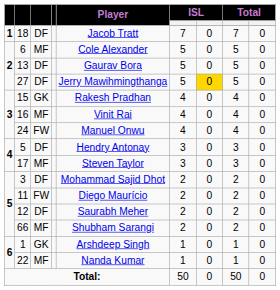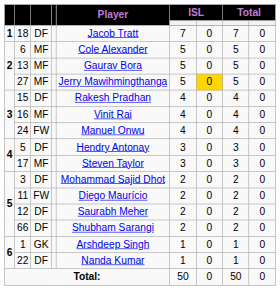 <table class="wikitable" style="text-align:center;">
 <tr>
 <th rowspan="2" style="background:#000000; color:#C47CD2;!width=15"></th>
 <th rowspan="2" style="background:#000000; color:#C47CD2;!width=15"></th>
 <th rowspan="2" style="background:#000000; color:#C47CD2;!width=15"></th>
 <th rowspan="2" style="background:#000000; color:#C47CD2;!width=15"></th>
 <th rowspan="2" style="background:#000000; color:#C47CD2;">Player</th>
 <th colspan="2" style="background:#000000; color:#C47CD2;">ISL</th>
 <th colspan="2" style="background:#000000; color:#C47CD2;">Total</th>
 </tr>
 <tr>
 <th width=34; background:#000000;></th>
 <th width=34; background:#000000;></th>
 <th width=34; background:#000000;></th>
 <th width=34; background:#000000;></th>
 </tr>
 <tr>
 </tr>
 <tr>
 <td rowspan=1><strong>1</strong></td>
 <td>18</td>
 <td>DF</td>
 <td></td>
 <td><a href='#'>Jacob Tratt</a></td>
 <td>7</td>
 <td>0</td>
 <td>7</td>
 <td>0</td>
 </tr>
 <tr>
 <td rowspan=3><strong>2</strong></td>
 <td>6</td>
 <td>MF</td>
 <td></td>
 <td><a href='#'>Cole Alexander</a></td>
 <td>5</td>
 <td>0</td>
 <td>5</td>
 <td>0</td>
 </tr>
 <tr>
 <td>13</td>
-<td>DF</td>
+<td>MF</td>
 <td></td>
 <td><a href='#'>Gaurav Bora</a></td>
 <td>5</td>
 <td>0</td>
 <td>5</td>
 <td>0</td>
 </tr>
 <tr>
 <td>27</td>
-<td>DF</td>
+<td>MF</td>
 <td></td>
 <td><a href='#'>Jerry Mawihmingthanga</a></td>
 <td>5</td>
 <td style="background: gold;">0</td>
 <td>5</td>
 <td>0</td>
 </tr>
 <tr>
 <td rowspan=3><strong>3</strong></td>
 <td>15</td>
-<td>GK</td>
+<td>DF</td>
 <td></td>
 <td><a href='#'>Rakesh Pradhan</a></td>
 <td>4</td>
 <td>0</td>
 <td>4</td>
 <td>0</td>
 </tr>
 <tr>
 <td>16</td>
 <td>MF</td>
 <td></td>
 <td><a href='#'>Vinit Rai</a></td>
 <td>4</td>
 <td>0</td>
 <td>4</td>
 <td>0</td>
 </tr>
 <tr>
 <td>24</td>
 <td>FW</td>
 <td></td>
 <td><a href='#'>Manuel Onwu</a></td>
 <td>4</td>
 <td>0</td>
 <td>4</td>
 <td>0</td>
 </tr>
 <tr>
 <td rowspan=2><strong>4</strong></td>
 <td>5</td>
 <td>DF</td>
 <td></td>
 <td><a href='#'>Hendry Antonay</a></td>
 <td>3</td>
 <td>0</td>
 <td>3</td>
 <td>0</td>
 </tr>
 <tr>
 <td>17</td>
 <td>MF</td>
 <td></td>
 <td><a href='#'>Steven Taylor</a></td>
 <td>3</td>
 <td>0</td>
 <td>3</td>
 <td>0</td>
 </tr>
 <tr>
 <td rowspan=4><strong>5</strong></td>
 <td>3</td>
 <td>DF</td>
 <td></td>
 <td><a href='#'>Mohammad Sajid Dhot</a></td>
 <td>2</td>
 <td>0</td>
 <td>2</td>
 <td>0</td>
 </tr>
 <tr>
 <td>11</td>
 <td>FW</td>
 <td></td>
 <td><a href='#'>Diego Maurício</a></td>
 <td>2</td>
 <td>0</td>
 <td>2</td>
 <td>0</td>
 </tr>
 <tr>
 <td>12</td>
 <td>DF</td>
 <td></td>
 <td><a href='#'>Saurabh Meher</a></td>
 <td>2</td>
 <td>0</td>
 <td>2</td>
 <td>0</td>
 </tr>
 <tr>
 <td>66</td>
-<td>MF</td>
+<td>DF</td>
 <td></td>
 <td><a href='#'>Shubham Sarangi</a></td>
 <td>2</td>
 <td>0</td>
 <td>2</td>
 <td>0</td>
 </tr>
 <tr>
 <td rowspan=2><strong>6</strong></td>
 <td>1</td>
 <td>GK</td>
 <td></td>
 <td><a href='#'>Arshdeep Singh</a></td>
 <td>1</td>
 <td>0</td>
 <td>1</td>
 <td>0</td>
 </tr>
 <tr>
 <td>22</td>
-<td>MF</td>
+<td>DF</td>
 <td></td>
 <td><a href='#'>Nanda Kumar</a></td>
 <td>1</td>
 <td>0</td>
 <td>1</td>
 <td>0</td>
 </tr>
 <tr>
 <td colspan=5><strong>Total:</strong></td>
 <td>50</td>
 <td>0</td>
 <td>50</td>
 <td>0</td>
 </tr>
 </table>
